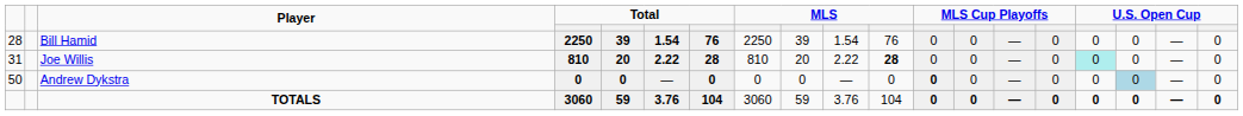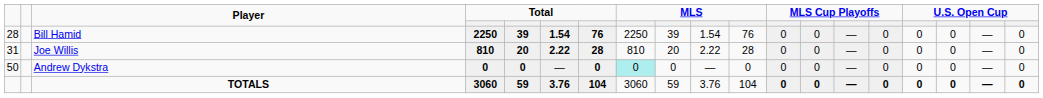 <table class="wikitable" style="text-align:center;">
 <tr>
 <td rowspan=2  style="width:1%; text-align:center;"><strong></strong></td>
 <td rowspan=2  style="width:1%; text-align:center;"><strong></strong></td>
 <td rowspan=2  style="width:42%; text-align:center;"><strong>Player</strong></td>
 <td colspan=4 style="text-align:center;"><strong>Total</strong></td>
 <td colspan=4 style="text-align:center;"><strong><a href='#'>MLS</a></strong></td>
 <td colspan=4 style="text-align:center;"><strong><a href='#'>MLS Cup Playoffs</a></strong></td>
 <td colspan=4 style="text-align:center;"><strong><a href='#'>U.S. Open Cup</a></strong></td>
 </tr>
 <tr>
 <th width=60></th>
 <th width=60></th>
 <th width=60></th>
 <th width=60></th>
 <th width=60></th>
 <th width=60></th>
 <th width=60></th>
 <th width=60></th>
 <th width=60></th>
 <th width=60></th>
 <th width=60></th>
 <th width=60></th>
 <th width=60></th>
 <th width=60></th>
 <th width=60></th>
 <th width=60></th>
 </tr>
 <tr>
 <td style="text-align: right;">28</td>
 <td></td>
 <td style="text-align: left;"><a href='#'>Bill Hamid</a></td>
 <td style="background: #F0F0F0;"><strong>2250</strong></td>
 <td style="background: #F0F0F0;"><strong>39</strong></td>
 <td style="background: #F0F0F0;"><strong>1.54</strong></td>
 <td style="background: #F0F0F0;"><strong>76</strong></td>
 <td>2250</td>
 <td>39</td>
 <td>1.54</td>
 <td>76</td>
 <td style="background: #F0F0F0;">0</td>
 <td style="background: #F0F0F0;">0</td>
 <td style="background: #F0F0F0;">—</td>
 <td style="background: #F0F0F0;">0</td>
 <td>0</td>
 <td>0</td>
 <td>—</td>
 <td>0</td>
 </tr>
 <tr>
 <td style="text-align: right;">31</td>
 <td></td>
 <td style="text-align: left;"><a href='#'>Joe Willis</a></td>
 <td style="background: #F0F0F0;"><strong>810</strong></td>
 <td style="background: #F0F0F0;"><strong>20</strong></td>
 <td style="background: #F0F0F0;"><strong>2.22</strong></td>
 <td style="background: #F0F0F0;"><strong>28</strong></td>
 <td>810</td>
 <td>20</td>
 <td>2.22</td>
-<td><strong>28</strong></td>
+<td>28</td>
 <td style="background: #F0F0F0;">0</td>
 <td style="background: #F0F0F0;">0</td>
 <td style="background: #F0F0F0;">—</td>
 <td style="background: #F0F0F0;">0</td>
-<td style="background: paleturquoise;">0</td>
+<td>0</td>
 <td>0</td>
 <td>—</td>
 <td>0</td>
 </tr>
 <tr>
 <td style="text-align: right;">50</td>
 <td></td>
 <td style="text-align: left;"><a href='#'>Andrew Dykstra</a></td>
 <td style="background: #F0F0F0;"><strong>0</strong></td>
 <td style="background: #F0F0F0;"><strong>0</strong></td>
 <td style="background: #F0F0F0;">—</td>
 <td style="background: #F0F0F0;"><strong>0</strong></td>
-<td>0</td>
+<td style="background: paleturquoise;">0</td>
 <td>0</td>
 <td>—</td>
 <td>0</td>
-<td style="background: #F0F0F0;"><strong>0</strong></td>
+<td style="background: #F0F0F0;">0</td>
 <td style="background: #F0F0F0;">0</td>
 <td style="background: #F0F0F0;">—</td>
 <td style="background: #F0F0F0;">0</td>
 <td>0</td>
-<td style="background: lightblue;">0</td>
+<td>0</td>
 <td>—</td>
 <td>0</td>
 </tr>
 <tr>
 <td></td>
 <td></td>
 <td><strong>TOTALS</strong></td>
 <td style="background: #F0F0F0;"><strong>3060</strong></td>
 <td style="background: #F0F0F0;"><strong>59</strong></td>
 <td style="background: #F0F0F0;"><strong>3.76</strong></td>
 <td style="background: #F0F0F0;"><strong>104</strong></td>
 <td>3060</td>
 <td>59</td>
 <td>3.76</td>
 <td>104</td>
 <td style="background: #F0F0F0;"><strong>0</strong></td>
 <td style="background: #F0F0F0;"><strong>0</strong></td>
 <td style="background: #F0F0F0;"><strong>—</strong></td>
 <td style="background: #F0F0F0;"><strong>0</strong></td>
 <td><strong>0</strong></td>
 <td><strong>0</strong></td>
 <td><strong>—</strong></td>
 <td><strong>0</strong></td>
 </tr>
 </table>
